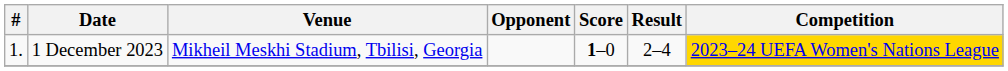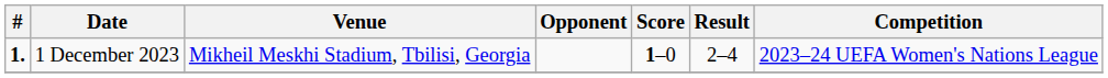 <table class="wikitable" style="font-size:85%;">
 <tr>
 <th>#</th>
 <th>Date</th>
 <th>Venue</th>
 <th>Opponent</th>
 <th>Score</th>
 <th>Result</th>
 <th>Competition</th>
 </tr>
 <tr>
-<td>1.</td>
+<td><strong>1.</strong></td>
 <td>1 December 2023</td>
 <td><a href='#'>Mikheil Meskhi Stadium</a>, <a href='#'>Tbilisi</a>, <a href='#'>Georgia</a></td>
 <td></td>
 <td align=center><strong>1</strong>–0</td>
 <td align=center>2–4</td>
-<td style="background: gold;"><a href='#'>2023–24 UEFA Women's Nations League</a></td>
+<td><a href='#'>2023–24 UEFA Women's Nations League</a></td>
 </tr>
 <tr>
 </tr>
 </table>
